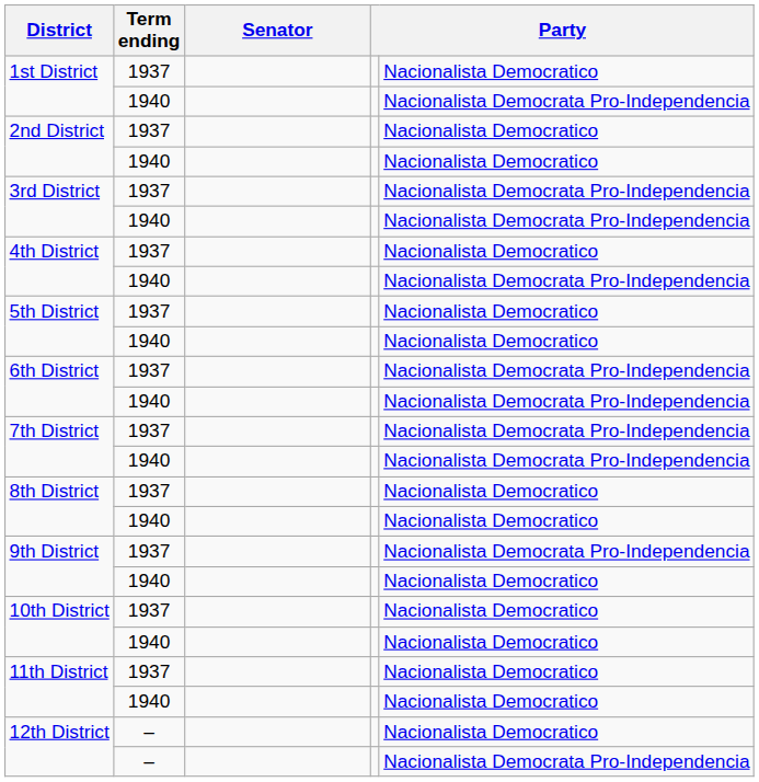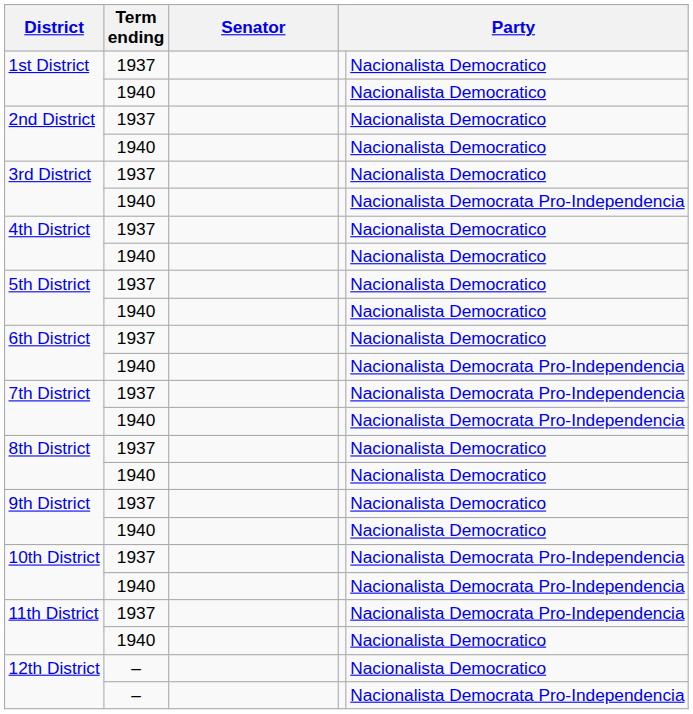 <table class="wikitable sortable">
 <tr>
 <th><a href='#'>District</a></th>
 <th width="50px">Term ending</th>
 <th width="150px"><a href='#'>Senator</a></th>
 <th colspan="2"><a href='#'>Party</a></th>
 </tr>
 <tr>
 <td rowspan="2" valign="top"><a href='#'>1st District</a></td>
 <td align="center">1937</td>
 <td></td>
 <td></td>
 <td><a href='#'>Nacionalista Democratico</a></td>
 </tr>
 <tr>
 <td align="center">1940</td>
 <td></td>
 <td></td>
-<td><a href='#'>Nacionalista Democrata Pro-Independencia</a></td>
+<td><a href='#'>Nacionalista Democratico</a></td>
 </tr>
 <tr>
 <td rowspan="2" valign="top"><a href='#'>2nd District</a></td>
 <td align="center">1937</td>
 <td></td>
 <td></td>
 <td><a href='#'>Nacionalista Democratico</a></td>
 </tr>
 <tr>
 <td align="center">1940</td>
 <td></td>
 <td></td>
 <td><a href='#'>Nacionalista Democratico</a></td>
 </tr>
 <tr>
 <td rowspan="2" valign="top"><a href='#'>3rd District</a></td>
 <td align="center">1937</td>
 <td></td>
 <td></td>
-<td><a href='#'>Nacionalista Democrata Pro-Independencia</a></td>
+<td><a href='#'>Nacionalista Democratico</a></td>
 </tr>
 <tr>
 <td align="center">1940</td>
 <td></td>
 <td></td>
 <td><a href='#'>Nacionalista Democrata Pro-Independencia</a></td>
 </tr>
 <tr>
 <td rowspan="2" valign="top"><a href='#'>4th District</a></td>
 <td align="center">1937</td>
 <td></td>
 <td></td>
 <td><a href='#'>Nacionalista Democratico</a></td>
 </tr>
 <tr>
 <td align="center">1940</td>
 <td></td>
 <td></td>
-<td><a href='#'>Nacionalista Democrata Pro-Independencia</a></td>
+<td><a href='#'>Nacionalista Democratico</a></td>
 </tr>
 <tr>
 <td rowspan="2" valign="top"><a href='#'>5th District</a></td>
 <td align="center">1937</td>
 <td></td>
 <td></td>
 <td><a href='#'>Nacionalista Democratico</a></td>
 </tr>
 <tr>
 <td align="center">1940</td>
 <td></td>
 <td></td>
 <td><a href='#'>Nacionalista Democratico</a></td>
 </tr>
 <tr>
 <td rowspan="2" valign="top"><a href='#'>6th District</a></td>
 <td align="center">1937</td>
 <td></td>
 <td></td>
-<td><a href='#'>Nacionalista Democrata Pro-Independencia</a></td>
+<td><a href='#'>Nacionalista Democratico</a></td>
 </tr>
 <tr>
 <td align="center">1940</td>
 <td></td>
 <td></td>
 <td><a href='#'>Nacionalista Democrata Pro-Independencia</a></td>
 </tr>
 <tr>
 <td rowspan="2" valign="top"><a href='#'>7th District</a></td>
 <td align="center">1937</td>
 <td></td>
 <td></td>
 <td><a href='#'>Nacionalista Democrata Pro-Independencia</a></td>
 </tr>
 <tr>
 <td align="center">1940</td>
 <td></td>
 <td></td>
 <td><a href='#'>Nacionalista Democrata Pro-Independencia</a></td>
 </tr>
 <tr>
 <td rowspan="2" valign="top"><a href='#'>8th District</a></td>
 <td align="center">1937</td>
 <td></td>
 <td></td>
 <td><a href='#'>Nacionalista Democratico</a></td>
 </tr>
 <tr>
 <td align="center">1940</td>
 <td></td>
 <td></td>
 <td><a href='#'>Nacionalista Democratico</a></td>
 </tr>
 <tr>
 <td rowspan="2" valign="top"><a href='#'>9th District</a></td>
 <td align="center">1937</td>
 <td></td>
 <td></td>
-<td><a href='#'>Nacionalista Democrata Pro-Independencia</a></td>
+<td><a href='#'>Nacionalista Democratico</a></td>
 </tr>
 <tr>
 <td align="center">1940</td>
 <td></td>
 <td></td>
 <td><a href='#'>Nacionalista Democratico</a></td>
 </tr>
 <tr>
 <td rowspan="2" valign="top"><a href='#'>10th District</a></td>
 <td align="center">1937</td>
 <td></td>
 <td></td>
-<td><a href='#'>Nacionalista Democratico</a></td>
+<td><a href='#'>Nacionalista Democrata Pro-Independencia</a></td>
 </tr>
 <tr>
 <td align="center">1940</td>
 <td></td>
 <td></td>
-<td><a href='#'>Nacionalista Democratico</a></td>
+<td><a href='#'>Nacionalista Democrata Pro-Independencia</a></td>
 </tr>
 <tr>
 <td rowspan="2" valign="top"><a href='#'>11th District</a></td>
 <td align="center">1937</td>
 <td></td>
 <td></td>
-<td><a href='#'>Nacionalista Democratico</a></td>
+<td><a href='#'>Nacionalista Democrata Pro-Independencia</a></td>
 </tr>
 <tr>
 <td align="center">1940</td>
 <td></td>
 <td></td>
 <td><a href='#'>Nacionalista Democratico</a></td>
 </tr>
 <tr>
 <td rowspan="2" valign="top"><a href='#'>12th District</a></td>
 <td align="center">–</td>
 <td></td>
 <td></td>
 <td><a href='#'>Nacionalista Democratico</a></td>
 </tr>
 <tr>
 <td align="center">–</td>
 <td></td>
 <td></td>
 <td><a href='#'>Nacionalista Democrata Pro-Independencia</a></td>
 </tr>
 </table>
